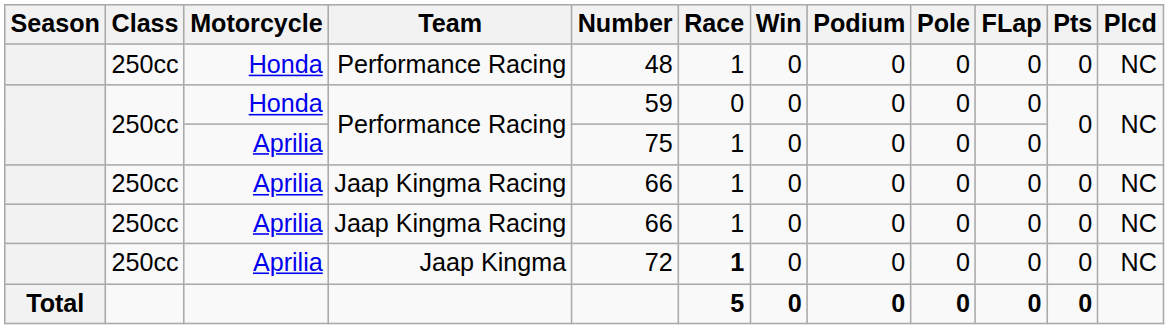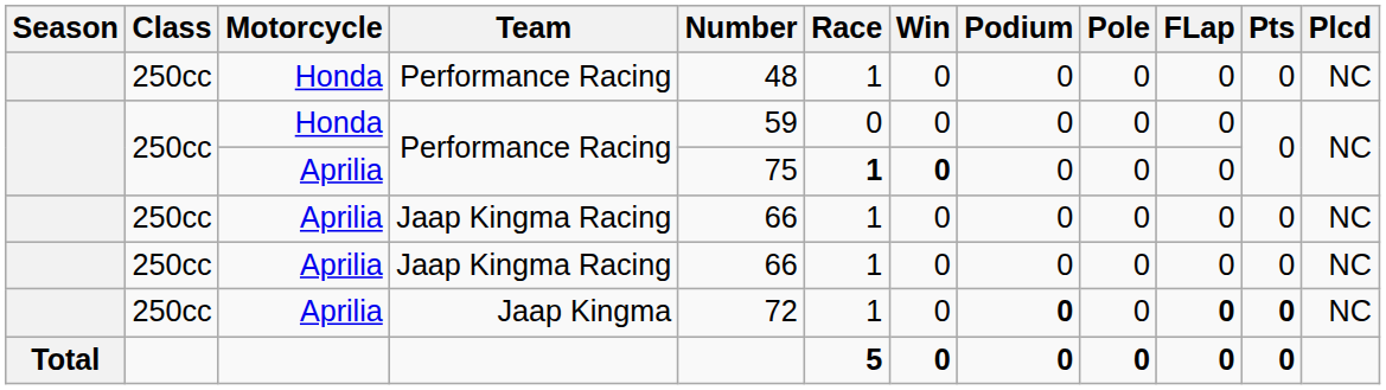 <table class="wikitable" style=text-align:right>
 <tr>
 <th>Season</th>
 <th>Class</th>
 <th>Motorcycle</th>
 <th>Team</th>
 <th>Number</th>
 <th>Race</th>
 <th>Win</th>
 <th>Podium</th>
 <th>Pole</th>
 <th>FLap</th>
 <th>Pts</th>
 <th>Plcd</th>
 </tr>
 <tr>
 <th></th>
 <td>250cc</td>
 <td><a href='#'>Honda</a></td>
 <td>Performance Racing</td>
 <td>48</td>
 <td>1</td>
 <td>0</td>
 <td>0</td>
 <td>0</td>
 <td>0</td>
 <td>0</td>
 <td>NC</td>
 </tr>
 <tr>
 <th rowspan=2></th>
 <td rowspan=2>250cc</td>
 <td><a href='#'>Honda</a></td>
 <td rowspan=2>Performance Racing</td>
 <td>59</td>
 <td>0</td>
 <td>0</td>
 <td>0</td>
 <td>0</td>
 <td>0</td>
 <td rowspan=2>0</td>
 <td rowspan=2>NC</td>
 </tr>
 <tr>
 <td><a href='#'>Aprilia</a></td>
 <td>75</td>
-<td>1</td>
-<td>0</td>
+<td><strong>1</strong></td>
+<td><strong>0</strong></td>
 <td>0</td>
 <td>0</td>
 <td>0</td>
 </tr>
 <tr>
 <th></th>
 <td>250cc</td>
 <td><a href='#'>Aprilia</a></td>
 <td>Jaap Kingma Racing</td>
 <td>66</td>
 <td>1</td>
 <td>0</td>
 <td>0</td>
 <td>0</td>
 <td>0</td>
 <td>0</td>
 <td>NC</td>
 </tr>
 <tr>
 <th></th>
 <td>250cc</td>
 <td><a href='#'>Aprilia</a></td>
 <td>Jaap Kingma Racing</td>
 <td>66</td>
 <td>1</td>
 <td>0</td>
 <td>0</td>
 <td>0</td>
 <td>0</td>
 <td>0</td>
 <td>NC</td>
 </tr>
 <tr>
 <th></th>
 <td>250cc</td>
 <td><a href='#'>Aprilia</a></td>
 <td>Jaap Kingma</td>
 <td>72</td>
-<td><strong>1</strong></td>
+<td>1</td>
 <td>0</td>
+<td><strong>0</strong></td>
 <td>0</td>
-<td>0</td>
-<td>0</td>
-<td>0</td>
+<td><strong>0</strong></td>
+<td><strong>0</strong></td>
 <td>NC</td>
 </tr>
 <tr>
 <th>Total</th>
 <td></td>
 <td></td>
 <td></td>
 <td></td>
 <td><strong>5</strong></td>
 <td><strong>0</strong></td>
 <td><strong>0</strong></td>
 <td><strong>0</strong></td>
 <td><strong>0</strong></td>
 <td><strong>0</strong></td>
 <td></td>
 </tr>
 </table>
